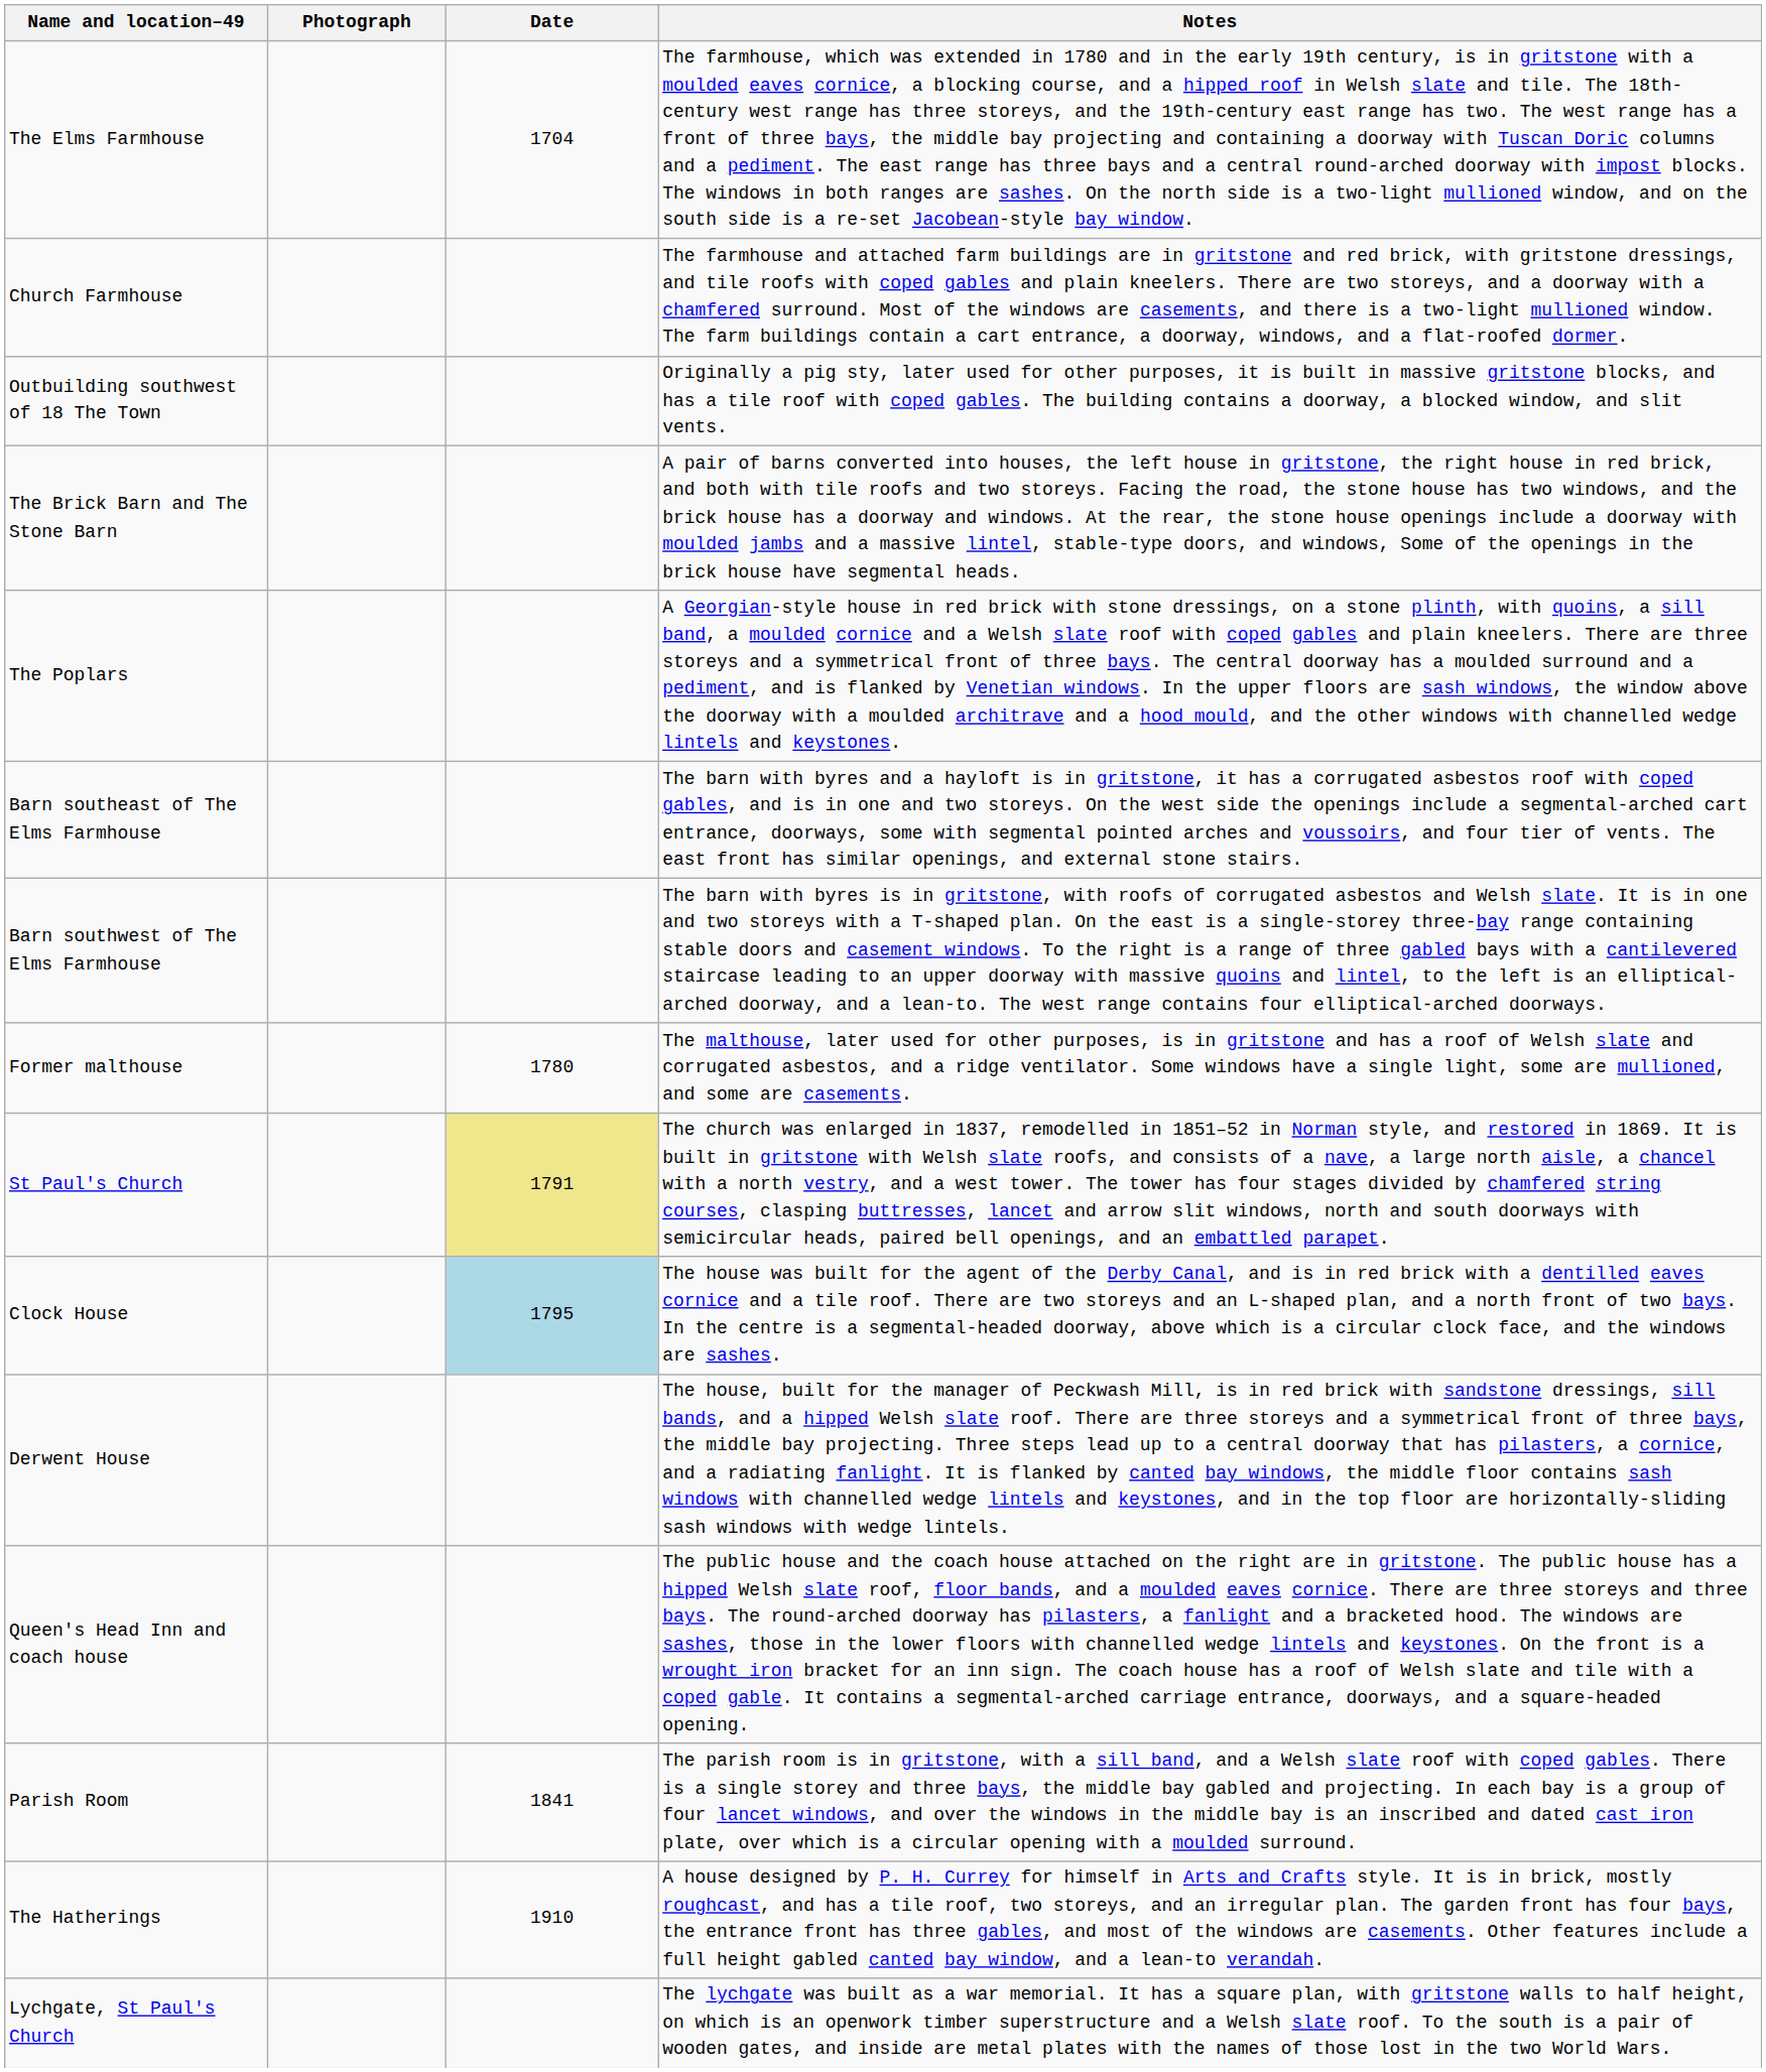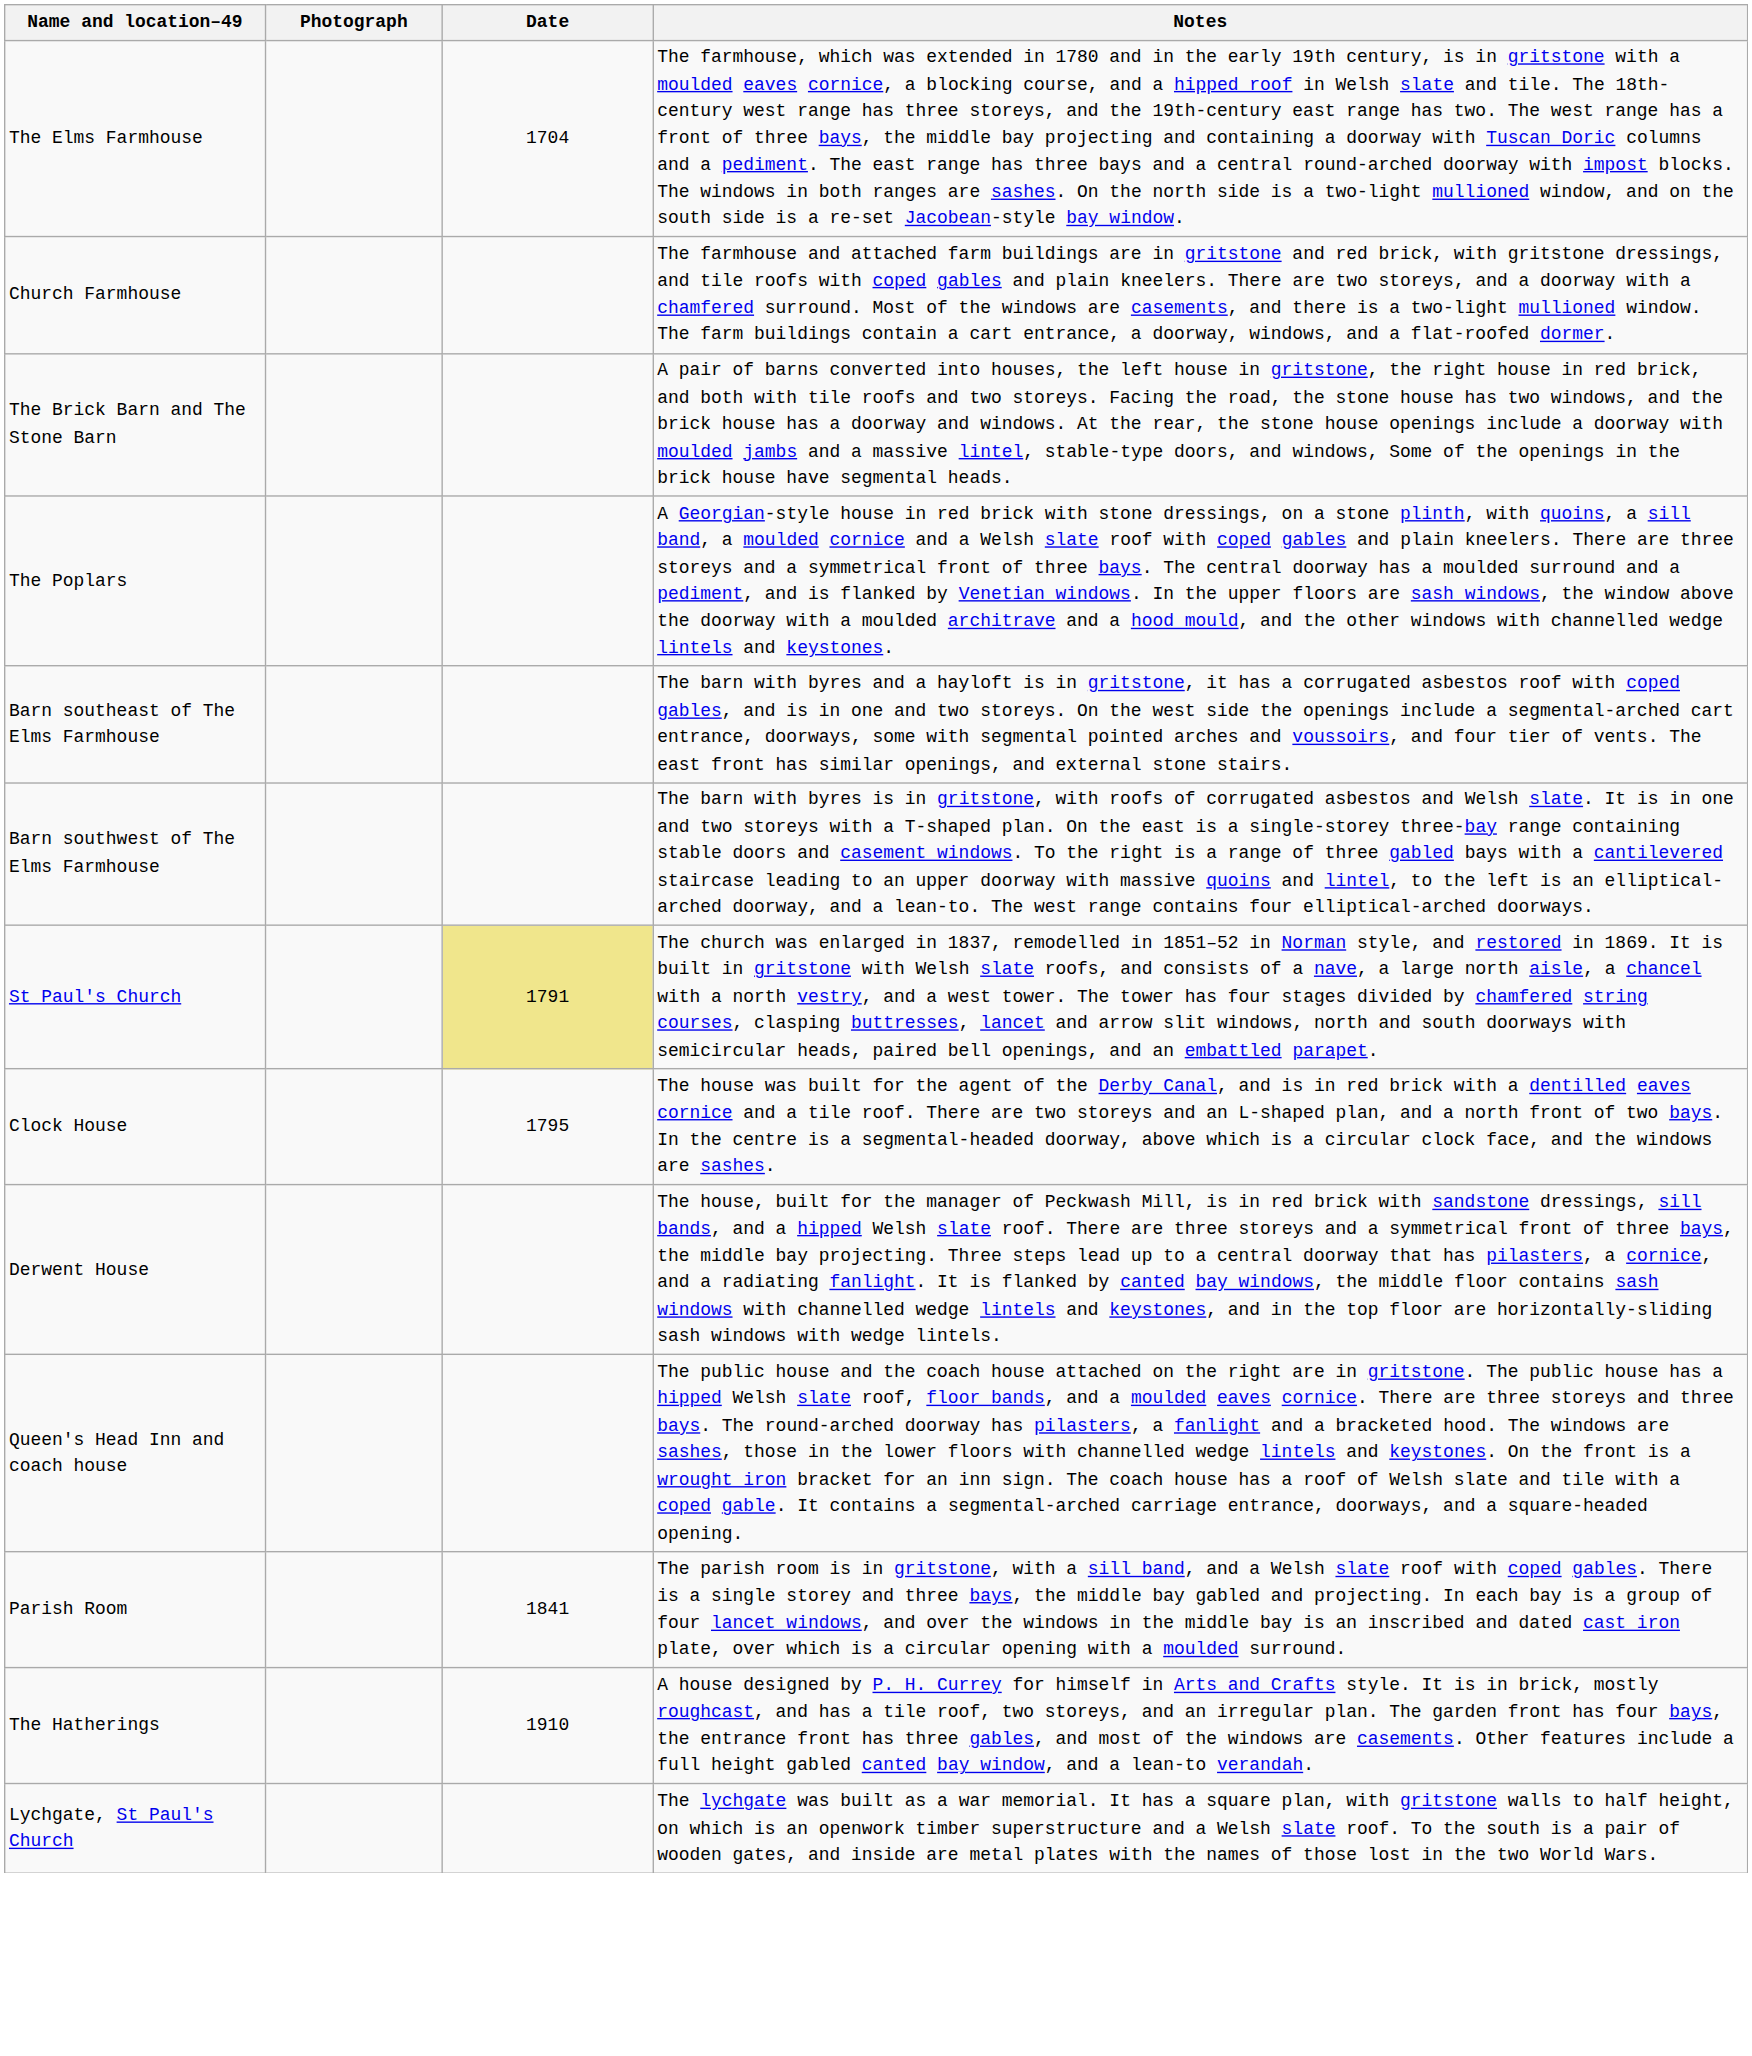 <table class="wikitable sortable plainrowheaders" style="width:100%;border:0px;text-align:left;line-height:150%;">
 <tr>
 <th scope="col"  style="width:150px">Name and location–49</th>
 <th scope="col"  style="width:100px" class="unsortable">Photograph</th>
 <th scope="col"  style="width:120px">Date</th>
 <th scope="col"  style="width:650px" class="unsortable">Notes</th>
 </tr>
 <tr>
 <td>The Elms Farmhouse<br><small></small></td>
 <td></td>
 <td align="center">1704</td>
 <td>The farmhouse, which was extended in 1780 and in the early 19th century, is in <a href='#'>gritstone</a> with a <a href='#'>moulded</a> <a href='#'>eaves</a> <a href='#'>cornice</a>, a blocking course, and a <a href='#'>hipped roof</a> in Welsh <a href='#'>slate</a> and tile.  The 18th-century west range has three storeys, and the 19th-century east range has two. The west range has a front of three <a href='#'>bays</a>, the middle bay projecting and containing a doorway with <a href='#'>Tuscan Doric</a> columns and a <a href='#'>pediment</a>.  The east range has three bays and a central round-arched doorway with <a href='#'>impost</a> blocks.  The windows in both ranges are <a href='#'>sashes</a>.  On the north side is a two-light <a href='#'>mullioned</a> window, and on the south side is a re-set <a href='#'>Jacobean</a>-style <a href='#'>bay window</a>.</td>
 </tr>
 <tr>
 <td>Church Farmhouse<br><small></small></td>
 <td></td>
 <td align="center"></td>
 <td>The farmhouse and attached farm buildings are in <a href='#'>gritstone</a> and red brick, with gritstone dressings, and tile roofs with <a href='#'>coped</a> <a href='#'>gables</a> and plain kneelers.  There are two storeys, and a doorway with a <a href='#'>chamfered</a> surround.  Most of the windows are <a href='#'>casements</a>, and there is a two-light <a href='#'>mullioned</a> window.  The farm buildings contain a cart entrance, a doorway, windows, and a flat-roofed <a href='#'>dormer</a>.</td>
-</tr>
-<tr>
-<td>Outbuilding southwest of 18 The Town<br><small></small></td>
-<td></td>
-<td align="center"></td>
-<td>Originally a pig sty, later used for other purposes, it is built in massive <a href='#'>gritstone</a> blocks, and has a tile roof with <a href='#'>coped</a> <a href='#'>gables</a>.  The building contains a doorway, a blocked window, and slit vents.</td>
 </tr>
 <tr>
 <td>The Brick Barn and The Stone Barn<br><small></small></td>
 <td></td>
 <td align="center"></td>
 <td>A pair of barns converted into houses, the left house in <a href='#'>gritstone</a>, the right house in red brick, and both with tile roofs and two storeys.  Facing the road, the stone house has two windows, and the brick house has a doorway and windows.  At the rear, the stone house openings include a doorway with <a href='#'>moulded</a> <a href='#'>jambs</a> and a massive <a href='#'>lintel</a>, stable-type doors, and windows,  Some of the openings in the brick house have segmental heads.</td>
 </tr>
 <tr>
 <td>The Poplars<br><small></small></td>
 <td></td>
 <td align="center"></td>
 <td>A <a href='#'>Georgian</a>-style house in red brick with stone dressings, on a stone <a href='#'>plinth</a>, with <a href='#'>quoins</a>, a <a href='#'>sill band</a>, a <a href='#'>moulded</a> <a href='#'>cornice</a> and a Welsh <a href='#'>slate</a> roof with <a href='#'>coped</a> <a href='#'>gables</a> and plain kneelers.  There are three storeys and a symmetrical front  of three <a href='#'>bays</a>.  The central doorway has a moulded surround and a <a href='#'>pediment</a>, and is flanked by <a href='#'>Venetian windows</a>.  In the upper floors are <a href='#'>sash windows</a>, the window above the doorway with a moulded <a href='#'>architrave</a> and a <a href='#'>hood mould</a>, and the other windows with channelled wedge <a href='#'>lintels</a> and <a href='#'>keystones</a>.</td>
 </tr>
 <tr>
 <td>Barn southeast of The Elms Farmhouse<br><small></small></td>
 <td></td>
 <td align="center"></td>
 <td>The barn with byres and a hayloft is in <a href='#'>gritstone</a>, it has a corrugated asbestos roof with <a href='#'>coped</a> <a href='#'>gables</a>, and is in one and two storeys.  On the west side the openings include a segmental-arched cart entrance, doorways, some with segmental pointed arches and <a href='#'>voussoirs</a>, and four tier of vents.  The east front has similar openings, and external stone stairs.</td>
 </tr>
 <tr>
 <td>Barn southwest of The Elms Farmhouse<br><small></small></td>
 <td></td>
 <td align="center"></td>
 <td>The barn with byres is in <a href='#'>gritstone</a>, with roofs of corrugated asbestos and Welsh <a href='#'>slate</a>.  It is in one and two storeys with a T-shaped plan.  On the east is a single-storey three-<a href='#'>bay</a> range containing stable doors and <a href='#'>casement windows</a>.  To the right is a range of three <a href='#'>gabled</a> bays with a <a href='#'>cantilevered</a> staircase leading to an upper doorway with massive <a href='#'>quoins</a> and <a href='#'>lintel</a>, to the left is an elliptical-arched doorway, and a lean-to.  The west range contains four elliptical-arched doorways.</td>
 </tr>
 <tr>
-<td>Former malthouse<br><small></small></td>
-<td></td>
-<td align="center">1780</td>
-<td>The <a href='#'>malthouse</a>, later used for other purposes, is in <a href='#'>gritstone</a> and has a roof of Welsh <a href='#'>slate</a> and corrugated asbestos, and a ridge ventilator.  Some windows have a single light, some are <a href='#'>mullioned</a>, and some are <a href='#'>casements</a>.</td>
-</tr>
-<tr>
 <td><a href='#'>St Paul's Church</a><br><small></small></td>
 <td></td>
 <td align="center" style="background: khaki;">1791</td>
 <td>The church was enlarged in 1837, remodelled in 1851–52 in <a href='#'>Norman</a> style, and <a href='#'>restored</a> in 1869.  It is built in <a href='#'>gritstone</a> with Welsh <a href='#'>slate</a> roofs, and consists of a <a href='#'>nave</a>, a large north <a href='#'>aisle</a>, a <a href='#'>chancel</a> with a north <a href='#'>vestry</a>, and a west tower.  The tower has four stages divided by <a href='#'>chamfered</a> <a href='#'>string courses</a>, clasping <a href='#'>buttresses</a>, <a href='#'>lancet</a> and arrow slit windows, north and south doorways with semicircular heads, paired bell openings, and an <a href='#'>embattled</a> <a href='#'>parapet</a>.</td>
 </tr>
 <tr>
 <td>Clock House<br><small></small></td>
 <td></td>
-<td align="center" style="background: lightblue;">1795</td>
+<td align="center">1795</td>
 <td>The house was built for the agent of the <a href='#'>Derby Canal</a>, and is in red brick with a <a href='#'>dentilled</a> <a href='#'>eaves</a> <a href='#'>cornice</a> and a tile roof.  There are two storeys and an L-shaped plan, and a north front of two <a href='#'>bays</a>.  In the centre is a segmental-headed doorway, above which is a circular clock face, and the windows are <a href='#'>sashes</a>.</td>
 </tr>
 <tr>
 <td>Derwent House<br><small></small></td>
 <td></td>
 <td align="center"></td>
 <td>The house, built for the manager of Peckwash Mill, is in red brick with <a href='#'>sandstone</a> dressings, <a href='#'>sill bands</a>, and a <a href='#'>hipped</a> Welsh <a href='#'>slate</a> roof.  There are three storeys and a symmetrical front of three <a href='#'>bays</a>, the middle bay projecting.  Three steps lead up to a central doorway that has <a href='#'>pilasters</a>, a <a href='#'>cornice</a>, and a radiating <a href='#'>fanlight</a>.  It is flanked by <a href='#'>canted</a> <a href='#'>bay windows</a>, the middle floor contains <a href='#'>sash windows</a> with channelled wedge <a href='#'>lintels</a> and <a href='#'>keystones</a>, and in the top floor are horizontally-sliding sash windows with wedge lintels.</td>
 </tr>
 <tr>
 <td>Queen's Head Inn and coach house<br><small></small></td>
 <td></td>
 <td align="center"></td>
 <td>The public house and the coach house attached on the right are in <a href='#'>gritstone</a>.  The public house has a <a href='#'>hipped</a> Welsh <a href='#'>slate</a> roof, <a href='#'>floor bands</a>, and a <a href='#'>moulded</a> <a href='#'>eaves</a> <a href='#'>cornice</a>.  There are three storeys and three <a href='#'>bays</a>.  The round-arched doorway has <a href='#'>pilasters</a>, a <a href='#'>fanlight</a> and a bracketed hood.  The windows are <a href='#'>sashes</a>, those in the lower floors with channelled wedge <a href='#'>lintels</a> and <a href='#'>keystones</a>.  On the front is a <a href='#'>wrought iron</a> bracket for an inn sign.  The coach house has a roof of Welsh slate and tile with a <a href='#'>coped</a> <a href='#'>gable</a>.  It contains a segmental-arched carriage entrance, doorways, and a square-headed opening.</td>
 </tr>
 <tr>
 <td>Parish Room<br><small></small></td>
 <td></td>
 <td align="center">1841</td>
 <td>The parish room is in <a href='#'>gritstone</a>, with a <a href='#'>sill band</a>, and a Welsh <a href='#'>slate</a> roof with <a href='#'>coped</a> <a href='#'>gables</a>.  There is a single storey and three <a href='#'>bays</a>, the middle bay gabled and projecting.  In each bay is a group of four <a href='#'>lancet windows</a>, and over the windows in the middle bay is an inscribed and dated <a href='#'>cast iron</a> plate, over which is a circular opening with a <a href='#'>moulded</a> surround.</td>
 </tr>
 <tr>
 <td>The Hatherings<br><small></small></td>
 <td></td>
 <td align="center">1910</td>
 <td>A house designed by <a href='#'>P. H. Currey</a> for himself in <a href='#'>Arts and Crafts</a> style.  It is in brick, mostly <a href='#'>roughcast</a>, and has a tile roof, two storeys, and an irregular plan.  The garden front has four <a href='#'>bays</a>, the entrance front has three <a href='#'>gables</a>, and most of the windows are <a href='#'>casements</a>.  Other features include a full height gabled <a href='#'>canted</a> <a href='#'>bay window</a>, and a lean-to <a href='#'>verandah</a>.</td>
 </tr>
 <tr>
 <td>Lychgate, <a href='#'>St Paul's Church</a><br><small></small></td>
 <td></td>
 <td align="center"></td>
 <td>The <a href='#'>lychgate</a> was built as a war memorial.  It has a square plan, with <a href='#'>gritstone</a> walls to half height, on which is an openwork timber superstructure and a Welsh <a href='#'>slate</a> roof.  To the south is a pair of wooden gates, and inside are metal plates with the names of those lost in the two World Wars.</td>
 </tr>
 <tr>
 </tr>
 </table>
